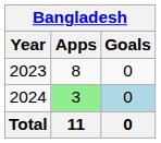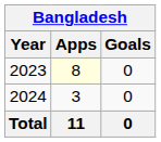 <table class="wikitable" style="text-align:center">
 <tr>
 <th colspan=10><a href='#'>Bangladesh</a></th>
 </tr>
 <tr>
 <th>Year</th>
 <th>Apps</th>
 <th>Goals</th>
 </tr>
 <tr>
 <td>2023</td>
-<td>8</td>
+<td style="background: lightyellow;">8</td>
 <td>0</td>
 </tr>
 <tr>
 <td>2024</td>
-<td style="background: lightgreen;">3</td>
-<td style="background: lightblue;">0</td>
+<td>3</td>
+<td>0</td>
 </tr>
 <tr>
 <th>Total</th>
 <th>11</th>
 <th>0</th>
 </tr>
 </table>
